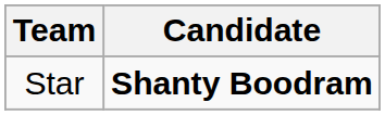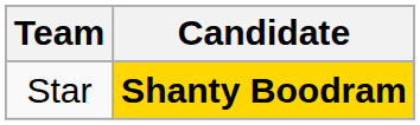 <table class="wikitable" style="text-align:center">
 <tr>
 <th>Team</th>
 <th>Candidate</th>
 </tr>
 <tr>
 <td>Star</td>
-<td><strong>Shanty Boodram</strong></td>
+<td style="background: gold;"><strong>Shanty Boodram</strong></td>
 </tr>
 </table>
